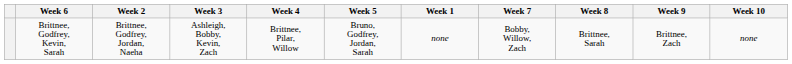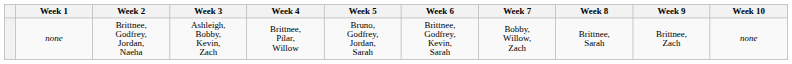 <table class="wikitable" style="text-align:center; font-size:90%; width:100%; line-height:15px;">
 <tr>
 <th style="width:1%"></th>
-<th style="width:7%">Week 6</th>
+<th style="width:7%">Week 1</th>
 <th style="width:7%">Week 2</th>
 <th style="width:7%">Week 3</th>
 <th style="width:7%">Week 4</th>
 <th style="width:7%">Week 5</th>
-<th style="width:7%">Week 1</th>
+<th style="width:7%">Week 6</th>
 <th style="width:7%">Week 7</th>
 <th style="width:7%">Week 8</th>
 <th style="width:7%">Week 9</th>
 <th style="width:7%">Week 10</th>
 </tr>
 <tr>
 <th></th>
-<td>Brittnee, <br>Godfrey,<br>Kevin,<br>Sarah</td>
+<td><em>none</em></td>
 <td>Brittnee, <br>Godfrey, <br>Jordan, <br>Naeha</td>
 <td>Ashleigh,<br>Bobby,<br>Kevin,<br>Zach</td>
 <td>Brittnee,<br>Pilar,<br>Willow</td>
 <td>Bruno,<br>Godfrey,<br>Jordan,<br>Sarah</td>
-<td><em>none</em></td>
+<td>Brittnee, <br>Godfrey,<br>Kevin,<br>Sarah</td>
 <td>Bobby,<br>Willow,<br>Zach</td>
 <td>Brittnee,<br> Sarah</td>
 <td>Brittnee,<br> Zach</td>
 <td><em>none</em></td>
 </tr>
 </table>
